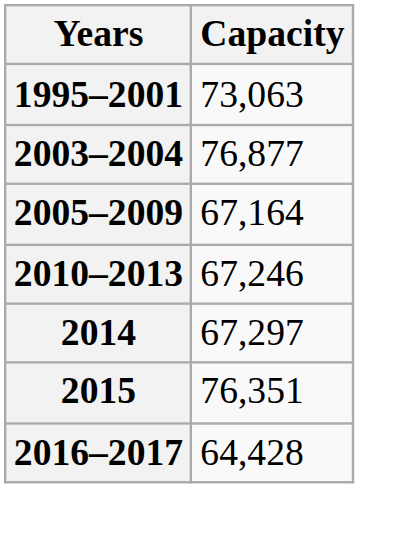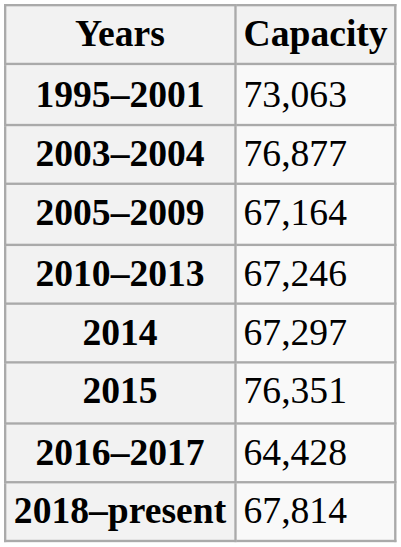 <table class="wikitable">
 <tr>
 <th scope="row">Years</th>
 <th scope="row">Capacity</th>
 </tr>
 <tr>
 <th scope="row">1995–2001</th>
 <td>73,063</td>
 </tr>
 <tr>
 <th scope="row">2003–2004</th>
 <td>76,877</td>
 </tr>
 <tr>
 <th scope="row">2005–2009</th>
 <td>67,164</td>
 </tr>
 <tr>
 <th scope="row">2010–2013</th>
 <td>67,246</td>
 </tr>
 <tr>
 <th scope="row">2014</th>
 <td>67,297</td>
 </tr>
 <tr>
 <th scope="row">2015</th>
 <td>76,351</td>
 </tr>
 <tr>
 <th scope="row">2016–2017</th>
 <td>64,428</td>
 </tr>
+<tr>
+<th scope="row">2018–present</th>
+<td>67,814</td>
+</tr>
 </table>
